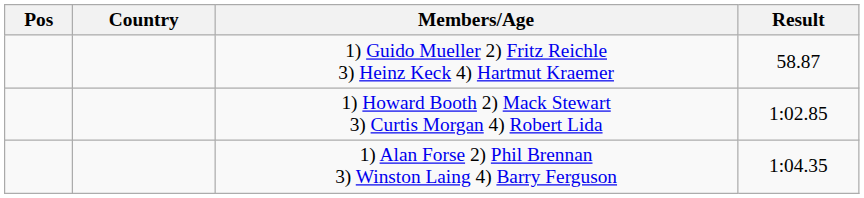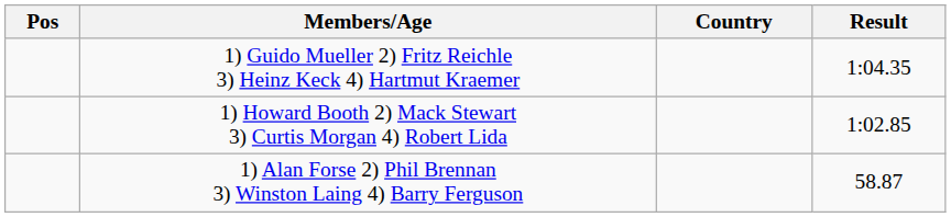 <table class="wikitable"  style="text-align:center; width:80%;">
 <tr>
 <th>Pos</th>
+<th>Members/Age</th>
 <th>Country</th>
-<th>Members/Age</th>
 <th>Result</th>
 </tr>
 <tr>
 <td align=center></td>
+<td>1) <a href='#'>Guido Mueller</a> 2) <a href='#'>Fritz Reichle</a><br>3) <a href='#'>Heinz Keck</a> 4) <a href='#'>Hartmut Kraemer</a></td>
 <td align=left></td>
-<td>1) <a href='#'>Guido Mueller</a> 2) <a href='#'>Fritz Reichle</a><br>3) <a href='#'>Heinz Keck</a> 4) <a href='#'>Hartmut Kraemer</a></td>
-<td>58.87</td>
+<td>1:04.35</td>
 </tr>
 <tr>
 <td align=center></td>
+<td>1) <a href='#'>Howard Booth</a> 2) <a href='#'>Mack Stewart</a><br>3) <a href='#'>Curtis Morgan</a> 4) <a href='#'>Robert Lida</a></td>
 <td align=left></td>
-<td>1) <a href='#'>Howard Booth</a> 2) <a href='#'>Mack Stewart</a><br>3) <a href='#'>Curtis Morgan</a> 4) <a href='#'>Robert Lida</a></td>
 <td>1:02.85</td>
 </tr>
 <tr>
 <td align=center></td>
+<td>1) <a href='#'>Alan Forse</a> 2) <a href='#'>Phil Brennan</a><br>3) <a href='#'>Winston Laing</a> 4) <a href='#'>Barry Ferguson</a></td>
 <td align=left></td>
-<td>1) <a href='#'>Alan Forse</a> 2) <a href='#'>Phil Brennan</a><br>3) <a href='#'>Winston Laing</a> 4) <a href='#'>Barry Ferguson</a></td>
-<td>1:04.35</td>
+<td>58.87</td>
 </tr>
 </table>
